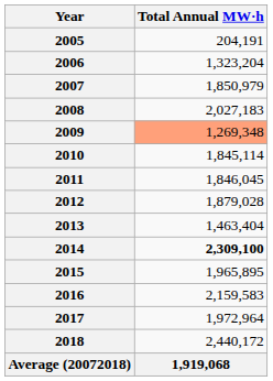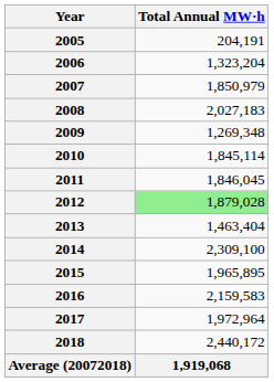 <table class=wikitable style="text-align:right;">
 <tr>
 <th>Year</th>
 <th>Total Annual <a href='#'>MW·h</a></th>
 </tr>
 <tr>
 <th>2005</th>
 <td>204,191</td>
 </tr>
 <tr>
 <th>2006</th>
 <td>1,323,204</td>
 </tr>
 <tr>
 <th>2007</th>
 <td>1,850,979</td>
 </tr>
 <tr>
 <th>2008</th>
 <td>2,027,183</td>
 </tr>
 <tr>
 <th>2009</th>
-<td style="background: lightsalmon;">1,269,348</td>
+<td>1,269,348</td>
 </tr>
 <tr>
 <th>2010</th>
 <td>1,845,114</td>
 </tr>
 <tr>
 <th>2011</th>
 <td>1,846,045</td>
 </tr>
 <tr>
 <th>2012</th>
-<td>1,879,028</td>
+<td style="background: lightgreen;">1,879,028</td>
 </tr>
 <tr>
 <th>2013</th>
 <td>1,463,404</td>
 </tr>
 <tr>
 <th>2014</th>
-<td><strong>2,309,100</strong></td>
+<td>2,309,100</td>
 </tr>
 <tr>
 <th>2015</th>
 <td>1,965,895</td>
 </tr>
 <tr>
 <th>2016</th>
 <td>2,159,583</td>
 </tr>
 <tr>
 <th>2017</th>
 <td>1,972,964</td>
 </tr>
 <tr>
 <th>2018</th>
 <td>2,440,172</td>
 </tr>
 <tr>
 <th>Average (20072018)</th>
 <th>1,919,068</th>
 </tr>
 </table>
